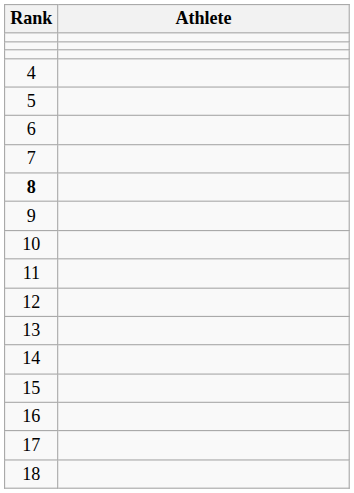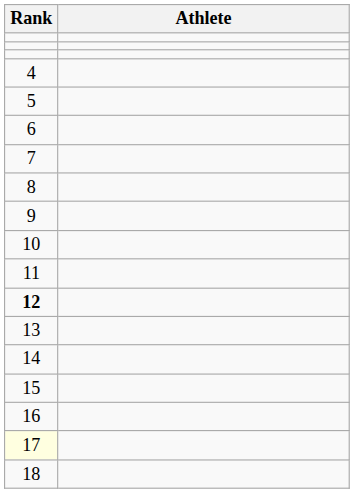 <table class="wikitable" style="text-align: center;">
 <tr>
 <th width=40>Rank</th>
 <th width=250>Athlete</th>
 </tr>
 <tr>
 <td></td>
 <td align=left></td>
 </tr>
 <tr>
 <td></td>
 <td align=left></td>
 </tr>
 <tr>
 <td></td>
 <td align=left></td>
 </tr>
 <tr>
 <td>4</td>
 <td align=left></td>
 </tr>
 <tr>
 <td>5</td>
 <td align=left></td>
 </tr>
 <tr>
 <td>6</td>
 <td align=left></td>
 </tr>
 <tr>
 <td>7</td>
 <td align=left></td>
 </tr>
 <tr>
-<td><strong>8</strong></td>
+<td>8</td>
 <td align=left></td>
 </tr>
 <tr>
 <td>9</td>
 <td align=left></td>
 </tr>
 <tr>
 <td>10</td>
 <td align=left></td>
 </tr>
 <tr>
 <td>11</td>
 <td align=left></td>
 </tr>
 <tr>
-<td>12</td>
+<td><strong>12</strong></td>
 <td align=left></td>
 </tr>
 <tr>
 <td>13</td>
 <td align=left></td>
 </tr>
 <tr>
 <td>14</td>
 <td align=left></td>
 </tr>
 <tr>
 <td>15</td>
 <td align=left></td>
 </tr>
 <tr>
 <td>16</td>
 <td align=left></td>
 </tr>
 <tr>
-<td>17</td>
+<td style="background: lightyellow;">17</td>
 <td align=left></td>
 </tr>
 <tr>
 <td>18</td>
 <td align=left></td>
 </tr>
 </table>
